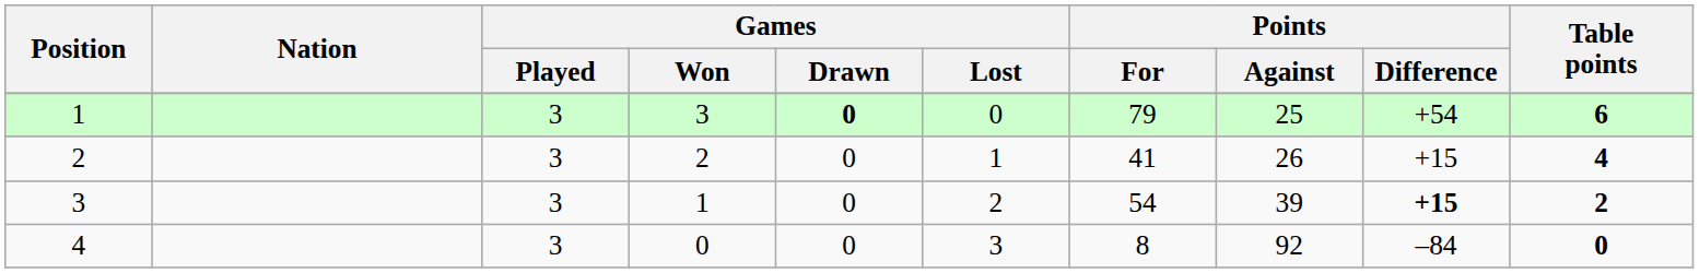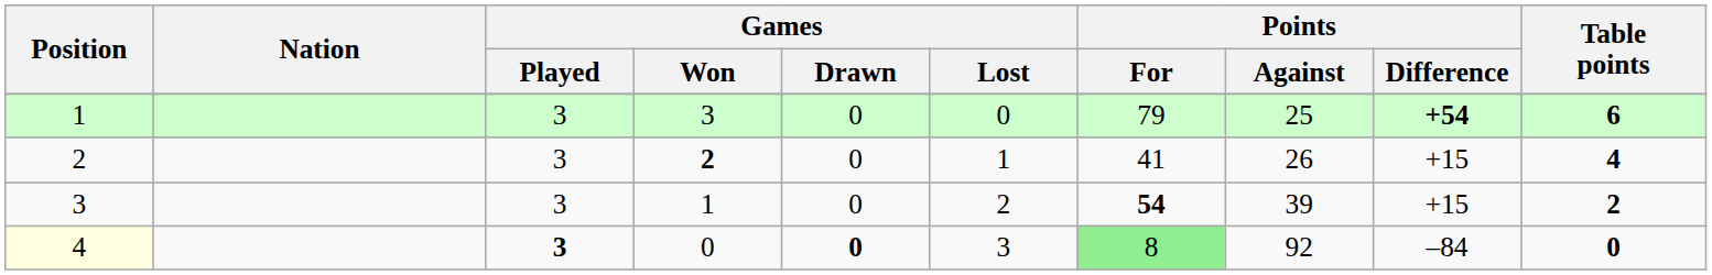 <table class="wikitable" style="text-align: center;">
 <tr>
 <th rowspan=2 width="8%">Position</th>
 <th rowspan=2 width="18%">Nation</th>
 <th colspan=4 width="32%">Games</th>
 <th colspan=3 width="16%">Points</th>
 <th rowspan=2 width="10%">Table<br>points</th>
 </tr>
 <tr>
 <th width="8%">Played</th>
 <th width="8%">Won</th>
 <th width="8%">Drawn</th>
 <th width="8%">Lost</th>
 <th width="8%">For</th>
 <th width="8%">Against</th>
 <th width="8%">Difference</th>
 </tr>
 <tr>
 </tr>
 <tr bgcolor=#ccffcc  align=center>
 <td>1</td>
 <td align=left></td>
 <td>3</td>
 <td>3</td>
-<td><strong>0</strong></td>
+<td>0</td>
 <td>0</td>
 <td>79</td>
 <td>25</td>
-<td>+54</td>
+<td><strong>+54</strong></td>
 <td><strong>6</strong></td>
 </tr>
 <tr>
 <td>2</td>
 <td align=left></td>
 <td>3</td>
-<td>2</td>
+<td><strong>2</strong></td>
 <td>0</td>
 <td>1</td>
 <td>41</td>
 <td>26</td>
 <td>+15</td>
 <td><strong>4</strong></td>
 </tr>
 <tr>
 <td>3</td>
 <td align=left></td>
 <td>3</td>
 <td>1</td>
 <td>0</td>
 <td>2</td>
-<td>54</td>
+<td><strong>54</strong></td>
 <td>39</td>
-<td><strong>+15</strong></td>
+<td>+15</td>
 <td><strong>2</strong></td>
 </tr>
 <tr>
-<td>4</td>
+<td style="background: lightyellow;">4</td>
 <td align=left></td>
+<td><strong>3</strong></td>
+<td>0</td>
+<td><strong>0</strong></td>
 <td>3</td>
-<td>0</td>
-<td>0</td>
-<td>3</td>
-<td>8</td>
+<td style="background: lightgreen;">8</td>
 <td>92</td>
 <td>–84</td>
 <td><strong>0</strong></td>
 </tr>
 </table>
